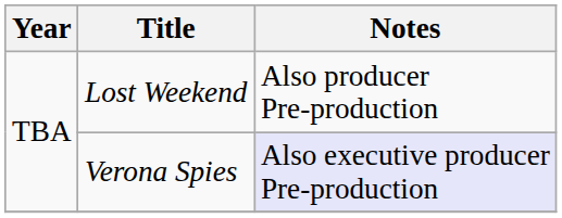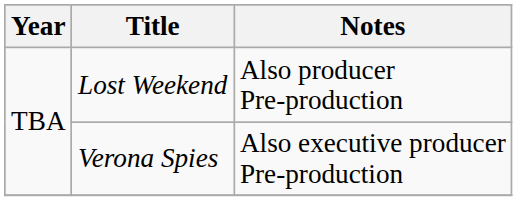 <table class="wikitable">
 <tr>
 <th>Year</th>
 <th>Title</th>
 <th>Notes</th>
 </tr>
 <tr>
 <td rowspan=2>TBA</td>
 <td><em>Lost Weekend</em></td>
 <td>Also producer<br>Pre-production</td>
 </tr>
 <tr>
 <td><em>Verona Spies</em></td>
-<td style="background: lavender;">Also executive producer<br>Pre-production</td>
+<td>Also executive producer<br>Pre-production</td>
 </tr>
 <tr>
 </tr>
 </table>
